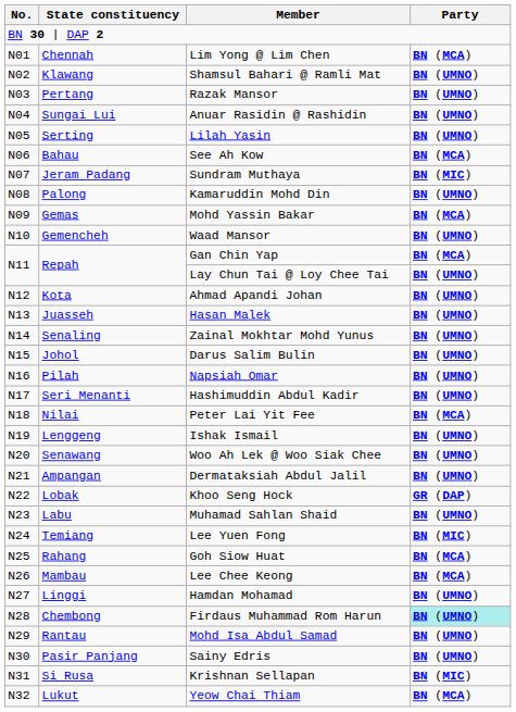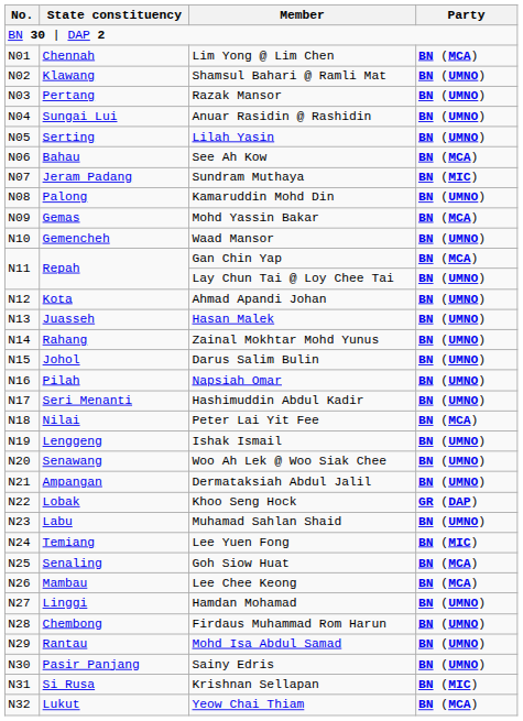 <table class="wikitable sortable">
 <tr>
 <th style="width:30px;">No.</th>
 <th style="width:150px;">State constituency</th>
 <th style="width:230px;">Member</th>
 <th style="width:100px;">Party</th>
 </tr>
 <tr>
 <td colspan="4"><a href='#'>BN</a> <strong>30</strong> | <a href='#'>DAP</a> <strong>2</strong></td>
 </tr>
 <tr>
 <td>N01</td>
 <td><a href='#'>Chennah</a></td>
 <td>Lim Yong @ Lim Chen</td>
 <td><strong><a href='#'>BN</a></strong> (<strong><a href='#'>MCA</a></strong>)</td>
 </tr>
 <tr>
 <td>N02</td>
 <td><a href='#'>Klawang</a></td>
 <td>Shamsul Bahari @ Ramli Mat</td>
 <td><strong><a href='#'>BN</a></strong> (<strong><a href='#'>UMNO</a></strong>)</td>
 </tr>
 <tr>
 <td>N03</td>
 <td><a href='#'>Pertang</a></td>
 <td>Razak Mansor</td>
 <td><strong><a href='#'>BN</a></strong> (<strong><a href='#'>UMNO</a></strong>)</td>
 </tr>
 <tr>
 <td>N04</td>
 <td><a href='#'>Sungai Lui</a></td>
 <td>Anuar Rasidin @ Rashidin</td>
 <td><strong><a href='#'>BN</a></strong> (<strong><a href='#'>UMNO</a></strong>)</td>
 </tr>
 <tr>
 <td>N05</td>
 <td><a href='#'>Serting</a></td>
 <td><a href='#'>Lilah Yasin</a></td>
 <td><strong><a href='#'>BN</a></strong> (<strong><a href='#'>UMNO</a></strong>)</td>
 </tr>
 <tr>
 <td>N06</td>
 <td><a href='#'>Bahau</a></td>
 <td>See Ah Kow</td>
 <td><strong><a href='#'>BN</a></strong> (<strong><a href='#'>MCA</a></strong>)</td>
 </tr>
 <tr>
 <td>N07</td>
 <td><a href='#'>Jeram Padang</a></td>
 <td>Sundram Muthaya</td>
 <td><strong><a href='#'>BN</a></strong> (<strong><a href='#'>MIC</a></strong>)</td>
 </tr>
 <tr>
 <td>N08</td>
 <td><a href='#'>Palong</a></td>
 <td>Kamaruddin Mohd Din</td>
 <td><strong><a href='#'>BN</a></strong> (<strong><a href='#'>UMNO</a></strong>)</td>
 </tr>
 <tr>
 <td>N09</td>
 <td><a href='#'>Gemas</a></td>
 <td>Mohd Yassin Bakar</td>
 <td><strong><a href='#'>BN</a></strong> (<strong><a href='#'>MCA</a></strong>)</td>
 </tr>
 <tr>
 <td>N10</td>
 <td><a href='#'>Gemencheh</a></td>
 <td>Waad Mansor</td>
 <td><strong><a href='#'>BN</a></strong> (<strong><a href='#'>UMNO</a></strong>)</td>
 </tr>
 <tr>
 <td rowspan=2>N11</td>
 <td rowspan=2><a href='#'>Repah</a></td>
 <td>Gan Chin Yap </td>
 <td><strong><a href='#'>BN</a></strong> (<strong><a href='#'>MCA</a></strong>)</td>
 </tr>
 <tr>
 <td>Lay Chun Tai @ Loy Chee Tai </td>
 <td><strong><a href='#'>BN</a></strong> (<strong><a href='#'>UMNO</a></strong>)</td>
 </tr>
 <tr>
 <td>N12</td>
 <td><a href='#'>Kota</a></td>
 <td>Ahmad Apandi Johan</td>
 <td><strong><a href='#'>BN</a></strong> (<strong><a href='#'>UMNO</a></strong>)</td>
 </tr>
 <tr>
 <td>N13</td>
 <td><a href='#'>Juasseh</a></td>
 <td><a href='#'>Hasan Malek</a></td>
 <td><strong><a href='#'>BN</a></strong> (<strong><a href='#'>UMNO</a></strong>)</td>
 </tr>
 <tr>
 <td>N14</td>
-<td><a href='#'>Senaling</a></td>
+<td><a href='#'>Rahang</a></td>
 <td>Zainal Mokhtar Mohd Yunus</td>
 <td><strong><a href='#'>BN</a></strong> (<strong><a href='#'>UMNO</a></strong>)</td>
 </tr>
 <tr>
 <td>N15</td>
 <td><a href='#'>Johol</a></td>
 <td>Darus Salim Bulin</td>
 <td><strong><a href='#'>BN</a></strong> (<strong><a href='#'>UMNO</a></strong>)</td>
 </tr>
 <tr>
 <td>N16</td>
 <td><a href='#'>Pilah</a></td>
 <td><a href='#'>Napsiah Omar</a></td>
 <td><strong><a href='#'>BN</a></strong> (<strong><a href='#'>UMNO</a></strong>)</td>
 </tr>
 <tr>
 <td>N17</td>
 <td><a href='#'>Seri Menanti</a></td>
 <td>Hashimuddin Abdul Kadir</td>
 <td><strong><a href='#'>BN</a></strong> (<strong><a href='#'>UMNO</a></strong>)</td>
 </tr>
 <tr>
 <td>N18</td>
 <td><a href='#'>Nilai</a></td>
 <td>Peter Lai Yit Fee</td>
 <td><strong><a href='#'>BN</a></strong> (<strong><a href='#'>MCA</a></strong>)</td>
 </tr>
 <tr>
 <td>N19</td>
 <td><a href='#'>Lenggeng</a></td>
 <td>Ishak Ismail</td>
 <td><strong><a href='#'>BN</a></strong> (<strong><a href='#'>UMNO</a></strong>)</td>
 </tr>
 <tr>
 <td>N20</td>
 <td><a href='#'>Senawang</a></td>
 <td>Woo Ah Lek @ Woo Siak Chee</td>
 <td><strong><a href='#'>BN</a></strong> (<strong><a href='#'>UMNO</a></strong>)</td>
 </tr>
 <tr>
 <td>N21</td>
 <td><a href='#'>Ampangan</a></td>
 <td>Dermataksiah Abdul Jalil</td>
 <td><strong><a href='#'>BN</a></strong> (<strong><a href='#'>UMNO</a></strong>)</td>
 </tr>
 <tr>
 <td>N22</td>
 <td><a href='#'>Lobak</a></td>
 <td>Khoo Seng Hock</td>
 <td><strong><a href='#'>GR</a></strong> (<strong><a href='#'>DAP</a></strong>)</td>
 </tr>
 <tr>
 <td>N23</td>
 <td><a href='#'>Labu</a></td>
 <td>Muhamad Sahlan Shaid</td>
 <td><strong><a href='#'>BN</a></strong> (<strong><a href='#'>UMNO</a></strong>)</td>
 </tr>
 <tr>
 <td>N24</td>
 <td><a href='#'>Temiang</a></td>
 <td>Lee Yuen Fong</td>
 <td><strong><a href='#'>BN</a></strong> (<strong><a href='#'>MIC</a></strong>)</td>
 </tr>
 <tr>
 <td>N25</td>
-<td><a href='#'>Rahang</a></td>
+<td><a href='#'>Senaling</a></td>
 <td>Goh Siow Huat</td>
 <td><strong><a href='#'>BN</a></strong> (<strong><a href='#'>MCA</a></strong>)</td>
 </tr>
 <tr>
 <td>N26</td>
 <td><a href='#'>Mambau</a></td>
 <td>Lee Chee Keong</td>
 <td><strong><a href='#'>BN</a></strong> (<strong><a href='#'>MCA</a></strong>)</td>
 </tr>
 <tr>
 <td>N27</td>
 <td><a href='#'>Linggi</a></td>
 <td>Hamdan Mohamad</td>
 <td><strong><a href='#'>BN</a></strong> (<strong><a href='#'>UMNO</a></strong>)</td>
 </tr>
 <tr>
 <td>N28</td>
 <td><a href='#'>Chembong</a></td>
 <td>Firdaus Muhammad Rom Harun</td>
-<td style="background: paleturquoise;"><strong><a href='#'>BN</a></strong> (<strong><a href='#'>UMNO</a></strong>)</td>
+<td><strong><a href='#'>BN</a></strong> (<strong><a href='#'>UMNO</a></strong>)</td>
 </tr>
 <tr>
 <td>N29</td>
 <td><a href='#'>Rantau</a></td>
 <td><a href='#'>Mohd Isa Abdul Samad</a></td>
 <td><strong><a href='#'>BN</a></strong> (<strong><a href='#'>UMNO</a></strong>)</td>
 </tr>
 <tr>
 <td>N30</td>
 <td><a href='#'>Pasir Panjang</a></td>
 <td>Sainy Edris</td>
 <td><strong><a href='#'>BN</a></strong> (<strong><a href='#'>UMNO</a></strong>)</td>
 </tr>
 <tr>
 <td>N31</td>
 <td><a href='#'>Si Rusa</a></td>
 <td>Krishnan Sellapan</td>
 <td><strong><a href='#'>BN</a></strong> (<strong><a href='#'>MIC</a></strong>)</td>
 </tr>
 <tr>
 <td>N32</td>
 <td><a href='#'>Lukut</a></td>
 <td><a href='#'>Yeow Chai Thiam</a></td>
 <td><strong><a href='#'>BN</a></strong> (<strong><a href='#'>MCA</a></strong>)</td>
 </tr>
 </table>
